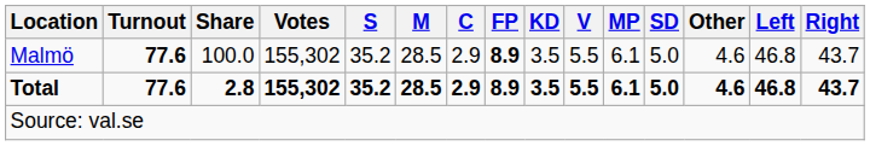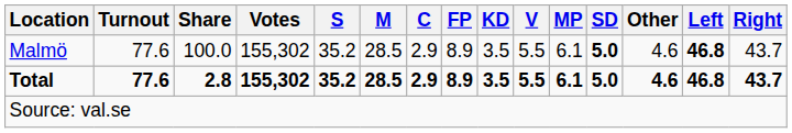 <table class="wikitable sortable" style=text-align:right>
 <tr>
 <th>Location</th>
 <th>Turnout</th>
 <th>Share</th>
 <th>Votes</th>
 <th><a href='#'>S</a></th>
 <th><a href='#'>M</a></th>
 <th><a href='#'>C</a></th>
 <th><a href='#'>FP</a></th>
 <th><a href='#'>KD</a></th>
 <th><a href='#'>V</a></th>
 <th><a href='#'>MP</a></th>
 <th><a href='#'>SD</a></th>
 <th>Other</th>
 <th><a href='#'>Left</a></th>
 <th><a href='#'>Right</a></th>
 </tr>
 <tr>
 <td align=left><a href='#'>Malmö</a></td>
-<td><strong>77.6</strong></td>
+<td>77.6</td>
 <td>100.0</td>
 <td>155,302</td>
 <td>35.2</td>
 <td>28.5</td>
 <td>2.9</td>
-<td><strong>8.9</strong></td>
+<td>8.9</td>
 <td>3.5</td>
 <td>5.5</td>
 <td>6.1</td>
-<td>5.0</td>
+<td><strong>5.0</strong></td>
 <td>4.6</td>
-<td>46.8</td>
+<td><strong>46.8</strong></td>
 <td>43.7</td>
 </tr>
 <tr>
 <td align=left><strong>Total</strong></td>
 <td><strong>77.6</strong></td>
 <td><strong>2.8</strong></td>
 <td><strong>155,302</strong></td>
 <td><strong>35.2</strong></td>
 <td><strong>28.5</strong></td>
 <td><strong>2.9</strong></td>
 <td><strong>8.9</strong></td>
 <td><strong>3.5</strong></td>
 <td><strong>5.5</strong></td>
 <td><strong>6.1</strong></td>
 <td><strong>5.0</strong></td>
 <td><strong>4.6</strong></td>
 <td><strong>46.8</strong></td>
 <td><strong>43.7</strong></td>
 </tr>
 <tr>
 <td align=left colspan=15>Source: val.se </td>
 </tr>
 </table>
